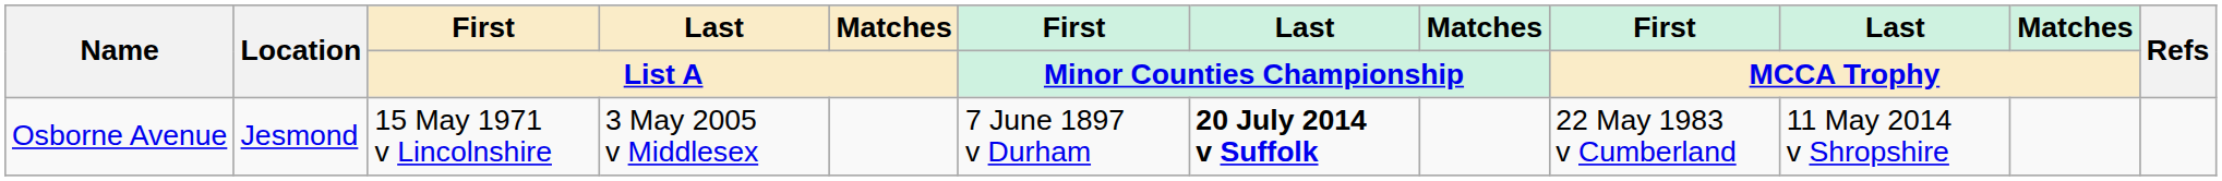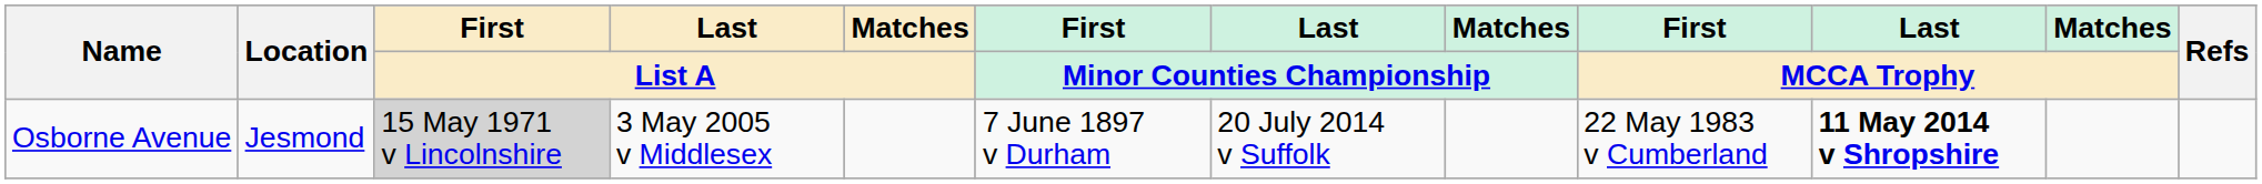 <table class="wikitable sortable">
 <tr>
 <th rowspan="2">Name</th>
 <th rowspan="2">Location</th>
 <th width="120" class="unsortable" style="background:#faecc8">First</th>
 <th width="120" class="unsortable" style="background:#faecc8">Last</th>
 <th style="background:#faecc8">Matches</th>
 <th width="120" class="unsortable" style="background:#cef2e0">First</th>
 <th width="120" class="unsortable" style="background:#cef2e0">Last</th>
 <th style="background:#cef2e0">Matches</th>
 <th width="120" class="unsortable" style="background:#cef2e0">First</th>
 <th width="120" class="unsortable" style="background:#cef2e0">Last</th>
 <th style="background:#cef2e0">Matches</th>
 <th rowspan="2" class="unsortable">Refs</th>
 </tr>
 <tr class="unsortable">
 <th colspan="3" style="background:#faecc8"><a href='#'>List A</a></th>
 <th colspan="3" style="background:#cef2e0"><a href='#'>Minor Counties Championship</a></th>
 <th colspan="3" style="background:#faecc8"><a href='#'>MCCA Trophy</a></th>
 </tr>
 <tr>
 <td><a href='#'>Osborne Avenue</a><br></td>
 <td><a href='#'>Jesmond</a></td>
-<td>15 May 1971<br>v <a href='#'>Lincolnshire</a></td>
+<td style="background: lightgrey;">15 May 1971<br>v <a href='#'>Lincolnshire</a></td>
 <td>3 May 2005<br>v <a href='#'>Middlesex</a></td>
 <td></td>
 <td>7 June 1897<br>v <a href='#'>Durham</a></td>
-<td><strong>20 July 2014<br>v <a href='#'>Suffolk</a></strong></td>
+<td>20 July 2014<br>v <a href='#'>Suffolk</a></td>
 <td></td>
 <td>22 May 1983<br>v <a href='#'>Cumberland</a></td>
-<td>11 May 2014<br>v <a href='#'>Shropshire</a></td>
+<td><strong>11 May 2014<br>v <a href='#'>Shropshire</a></strong></td>
 <td></td>
 <td></td>
 </tr>
 </table>
